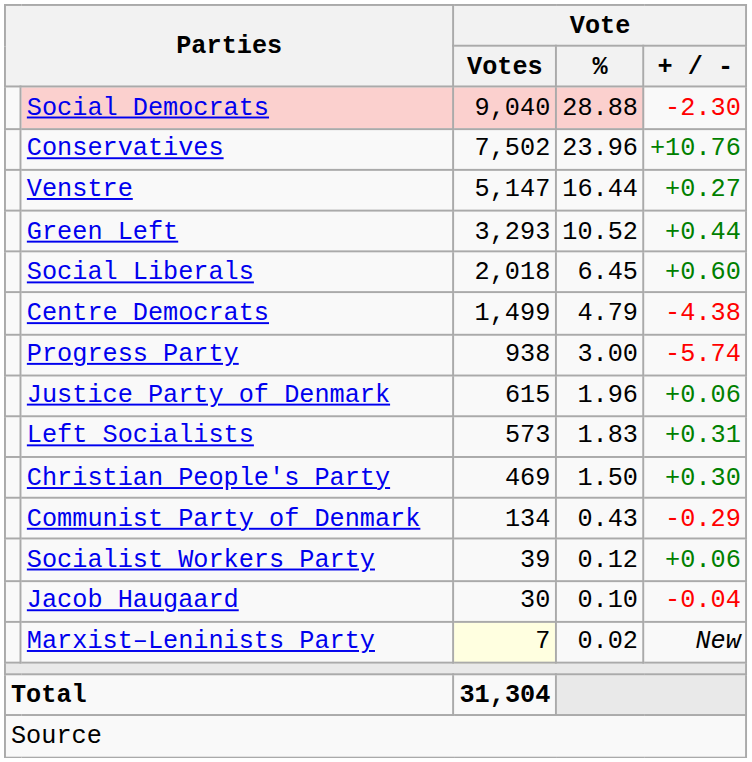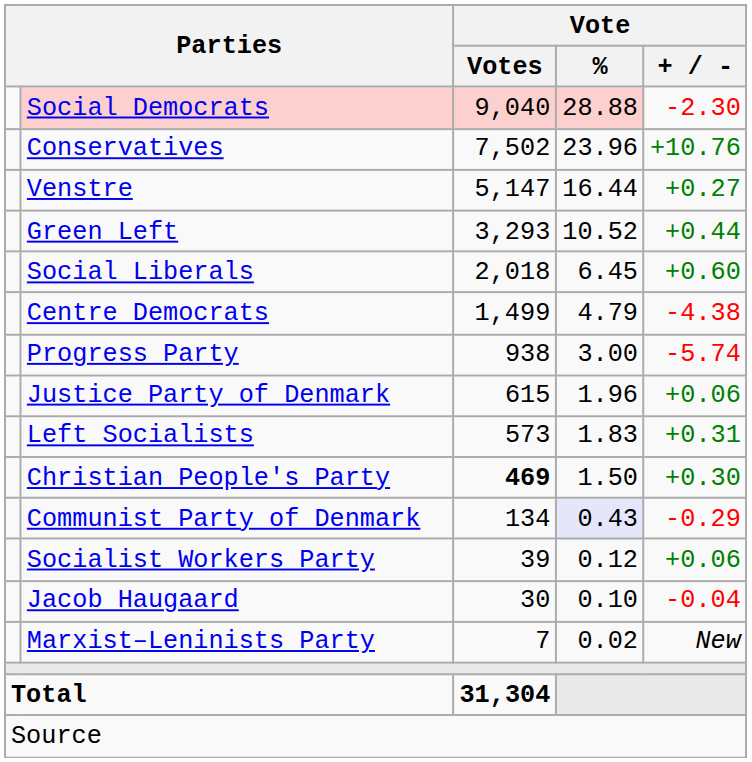 <table class="wikitable" style="text-align:right;">
 <tr>
 <th style="text-align:centre;" rowspan="2" colspan="2" width="225">Parties</th>
 <th colspan="3">Vote</th>
 </tr>
 <tr>
 <th width="15">Votes</th>
 <th width="15">%</th>
 <th width="15">+ / -</th>
 </tr>
 <tr>
 <td width="2" style="color:inherit;background:"></td>
 <td bgcolor=#fbd0ce  align="left"><a href='#'>Social Democrats</a></td>
 <td bgcolor=#fbd0ce>9,040</td>
 <td bgcolor=#fbd0ce>28.88</td>
 <td style=color:red;>-2.30</td>
 </tr>
 <tr>
 <td width="2" style="color:inherit;background:"></td>
 <td align="left"><a href='#'>Conservatives</a></td>
 <td>7,502</td>
 <td>23.96</td>
 <td style=color:green;>+10.76</td>
 </tr>
 <tr>
 <td width="2" style="color:inherit;background:"></td>
 <td align="left"><a href='#'>Venstre</a></td>
 <td>5,147</td>
 <td>16.44</td>
 <td style=color:green;>+0.27</td>
 </tr>
 <tr>
 <td width="2" style="color:inherit;background:"></td>
 <td align="left"><a href='#'>Green Left</a></td>
 <td>3,293</td>
 <td>10.52</td>
 <td style=color:green;>+0.44</td>
 </tr>
 <tr>
 <td width="2" style="color:inherit;background:"></td>
 <td align="left"><a href='#'>Social Liberals</a></td>
 <td>2,018</td>
 <td>6.45</td>
 <td style=color:green;>+0.60</td>
 </tr>
 <tr>
 <td width="2" style="color:inherit;background:"></td>
 <td align="left"><a href='#'>Centre Democrats</a></td>
 <td>1,499</td>
 <td>4.79</td>
 <td style=color:red;>-4.38</td>
 </tr>
 <tr>
 <td width="2" style="color:inherit;background:"></td>
 <td align="left"><a href='#'>Progress Party</a></td>
 <td>938</td>
 <td>3.00</td>
 <td style=color:red;>-5.74</td>
 </tr>
 <tr>
 <td width="2" style="color:inherit;background:"></td>
 <td align="left"><a href='#'>Justice Party of Denmark</a></td>
 <td>615</td>
 <td>1.96</td>
 <td style=color:green;>+0.06</td>
 </tr>
 <tr>
 <td width="2" style="color:inherit;background:"></td>
 <td align="left"><a href='#'>Left Socialists</a></td>
 <td>573</td>
 <td>1.83</td>
 <td style=color:green;>+0.31</td>
 </tr>
 <tr>
 <td width="2" style="color:inherit;background:"></td>
 <td align="left"><a href='#'>Christian People's Party</a></td>
-<td>469</td>
+<td><strong>469</strong></td>
 <td>1.50</td>
 <td style=color:green;>+0.30</td>
 </tr>
 <tr>
 <td width="2" style="color:inherit;background:"></td>
 <td align="left"><a href='#'>Communist Party of Denmark</a></td>
 <td>134</td>
-<td>0.43</td>
+<td style="background: lavender;">0.43</td>
 <td style=color:red;>-0.29</td>
 </tr>
 <tr>
 <td width="2" style="color:inherit;background:"></td>
 <td align="left"><a href='#'>Socialist Workers Party</a></td>
 <td>39</td>
 <td>0.12</td>
 <td style=color:green;>+0.06</td>
 </tr>
 <tr>
 <td width="2" style="color:inherit;background:"></td>
 <td align="left"><a href='#'>Jacob Haugaard</a></td>
 <td>30</td>
 <td>0.10</td>
 <td style=color:red;>-0.04</td>
 </tr>
 <tr>
 <td width="2" style="color:inherit;background:"></td>
 <td align="left"><a href='#'>Marxist–Leninists Party</a></td>
-<td style="background: lightyellow;">7</td>
+<td>7</td>
 <td>0.02</td>
 <td><em>New</em></td>
 </tr>
 <tr>
 <td colspan="7" bgcolor="#E9E9E9"></td>
 </tr>
 <tr>
 <td align="left" colspan="2"><strong>Total</strong></td>
 <td><strong>31,304</strong></td>
 <td bgcolor="#E9E9E9" colspan="2"></td>
 </tr>
 <tr>
 <td align="left" colspan="6">Source</td>
 </tr>
 </table>
